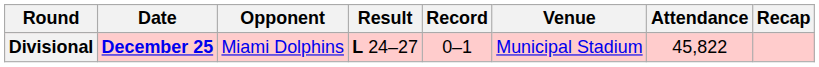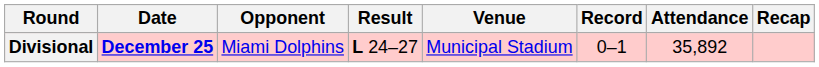 <table class="wikitable" style="text-align:center">
 <tr>
 <th>Round</th>
 <th>Date</th>
 <th>Opponent</th>
 <th>Result</th>
+<th>Venue</th>
 <th>Record</th>
-<th>Venue</th>
 <th>Attendance</th>
 <th>Recap</th>
 </tr>
 <tr style="background:#fcc">
 <th>Divisional</th>
 <td><strong><a href='#'>December 25</a></strong></td>
 <td><a href='#'>Miami Dolphins</a></td>
 <td><strong>L</strong> 24–27 </td>
+<td><a href='#'>Municipal Stadium</a></td>
 <td>0–1</td>
-<td><a href='#'>Municipal Stadium</a></td>
-<td>45,822</td>
+<td>35,892</td>
 <td></td>
 </tr>
 </table>
